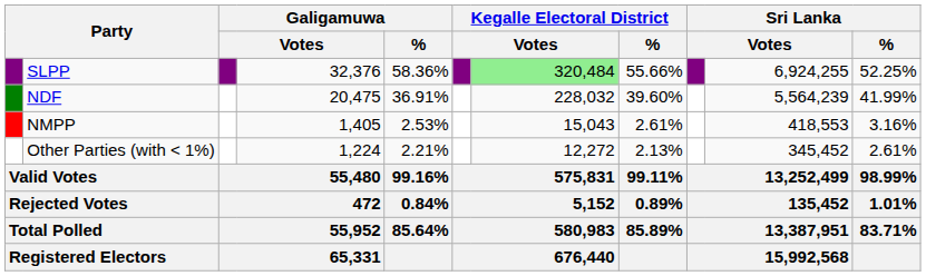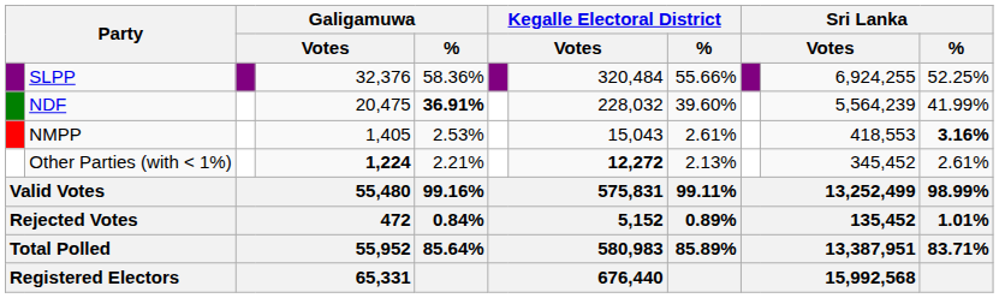 <table class="wikitable">
 <tr>
 <th colspan="2" width="144px"rowspan="2">Party</th>
 <th colspan="3" width="216px">Galigamuwa</th>
 <th colspan="3" width="216px"><a href='#'>Kegalle Electoral District</a></th>
 <th colspan="3" width="216px">Sri Lanka</th>
 </tr>
 <tr>
 <th colspan="2" width="144px">Votes</th>
 <th>%</th>
 <th colspan="2" width="144px">Votes</th>
 <th>%</th>
 <th colspan="2" width="144px">Votes</th>
 <th>%</th>
 </tr>
 <tr>
 <td style="background-color:purple;" width="10px"></td>
 <td style="text-align:left;"><a href='#'>SLPP</a></td>
 <td style="background-color:purple;" width="10px"></td>
 <td style="text-align:right;">32,376</td>
 <td style="text-align:right;">58.36%</td>
 <td style="background-color:purple;" width="10px"></td>
-<td style="background: lightgreen; text-align:right;">320,484</td>
+<td style="text-align:right;">320,484</td>
 <td style="text-align:right;">55.66%</td>
 <td style="background-color:purple;" width="10px"></td>
 <td style="text-align:right;">6,924,255</td>
 <td style="text-align:right;">52.25%</td>
 </tr>
 <tr>
 <td style="background-color:green;" width="10px"></td>
 <td style="text-align:left;"><a href='#'>NDF</a></td>
 <td style="background-color:white;" width="10px"></td>
 <td style="text-align:right;">20,475</td>
-<td style="text-align:right;">36.91%</td>
+<td style="text-align:right;"><strong>36.91%</strong></td>
 <td style="background-color:white;" width="10px"></td>
 <td style="text-align:right;">228,032</td>
 <td style="text-align:right;">39.60%</td>
 <td style="background-color:white;" width="10px"></td>
 <td style="text-align:right;">5,564,239</td>
 <td style="text-align:right;">41.99%</td>
 </tr>
 <tr>
 <td style="background-color:red;" width="10px"></td>
 <td style="text-align:left;">NMPP</td>
 <td style="background-color:white;" width="10px"></td>
 <td style="text-align:right;">1,405</td>
 <td style="text-align:right;">2.53%</td>
 <td style="background-color:white;" width="10px"></td>
 <td style="text-align:right;">15,043</td>
 <td style="text-align:right;">2.61%</td>
 <td style="background-color:white;" width="10px"></td>
 <td style="text-align:right;">418,553</td>
-<td style="text-align:right;">3.16%</td>
+<td style="text-align:right;"><strong>3.16%</strong></td>
 </tr>
 <tr>
 <td style="background-color:white;" width="10px"></td>
 <td style="text-align:left;">Other Parties (with < 1%)</td>
 <td style="background-color:white;" width="10px"></td>
-<td style="text-align:right;">1,224</td>
+<td style="text-align:right;"><strong>1,224</strong></td>
 <td style="text-align:right;">2.21%</td>
 <td style="background-color:white;" width="10px"></td>
-<td style="text-align:right;">12,272</td>
+<td style="text-align:right;"><strong>12,272</strong></td>
 <td style="text-align:right;">2.13%</td>
 <td style="background-color:white;" width="10px"></td>
 <td style="text-align:right;">345,452</td>
 <td style="text-align:right;">2.61%</td>
 </tr>
 <tr>
 <th colspan="2" width="144px"style="text-align:left;">Valid Votes</th>
 <th style="text-align:right;"colspan="2" width="144px">55,480</th>
 <th style="text-align:right;">99.16%</th>
 <th style="text-align:right;"colspan="2" width="144px">575,831</th>
 <th style="text-align:right;">99.11%</th>
 <th style="text-align:right;"colspan="2" width="144px">13,252,499</th>
 <th style="text-align:right;">98.99%</th>
 </tr>
 <tr>
 <th colspan="2" width="144px"style="text-align:left;">Rejected Votes</th>
 <th style="text-align:right;"colspan="2" width="144px">472</th>
 <th style="text-align:right;">0.84%</th>
 <th style="text-align:right;"colspan="2" width="144px">5,152</th>
 <th style="text-align:right;">0.89%</th>
 <th style="text-align:right;"colspan="2" width="144px">135,452</th>
 <th style="text-align:right;">1.01%</th>
 </tr>
 <tr>
 <th colspan="2" width="144px"style="text-align:left;">Total Polled</th>
 <th style="text-align:right;"colspan="2" width="144px">55,952</th>
 <th style="text-align:right;">85.64%</th>
 <th style="text-align:right;"colspan="2" width="144px">580,983</th>
 <th style="text-align:right;">85.89%</th>
 <th style="text-align:right;"colspan="2" width="144px">13,387,951</th>
 <th style="text-align:right;">83.71%</th>
 </tr>
 <tr>
 <th colspan="2" width="144px"style="text-align:left;">Registered Electors</th>
 <th style="text-align:right;"colspan="2" width="144px">65,331</th>
 <th></th>
 <th style="text-align:right;"colspan="2" width="144px">676,440</th>
 <th></th>
 <th style="text-align:right;"colspan="2" width="144px">15,992,568</th>
 <th></th>
 </tr>
 </table>
